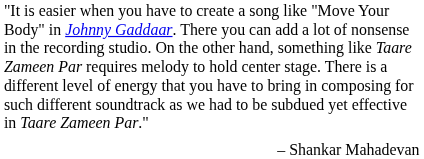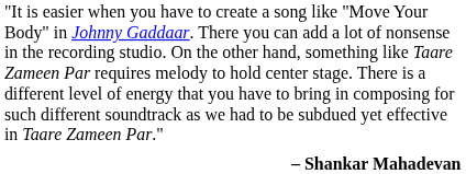 <table class="toccolours" style="float: right; margin-left: 1em; margin-right: 2em; font-size: 85%; width:27em; max-width: 40%;" cellspacing="5">
 <tr>
 <td style="text-align: left;">"It is easier when you have to create a song like "Move Your Body" in <em><a href='#'>Johnny Gaddaar</a></em>. There you can add a lot of nonsense in the recording studio. On the other hand, something like <em>Taare Zameen Par</em> requires melody to hold center stage. There is a different level of energy that you have to bring in composing for such different soundtrack as we had to be subdued yet effective in <em>Taare Zameen Par</em>."</td>
 </tr>
 <tr>
-<td style="text-align: right;"> – Shankar Mahadevan</td>
+<td style="text-align: right;"><strong> – Shankar Mahadevan</strong></td>
 </tr>
 </table>
